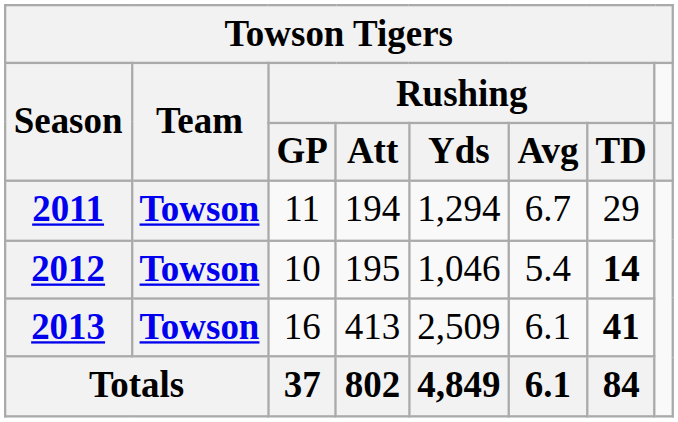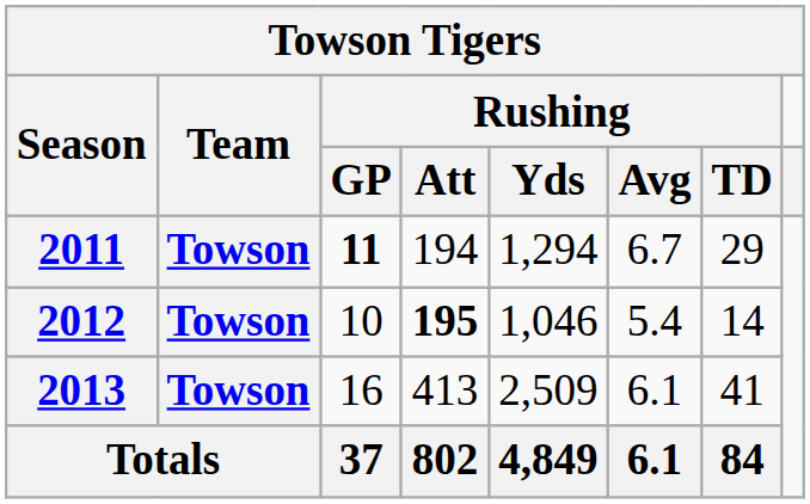 <table class="wikitable" style="text-align:center;">
 <tr>
 <th colspan="9">Towson Tigers</th>
 </tr>
 <tr>
 <th rowspan="2">Season</th>
 <th rowspan="2">Team</th>
 <th colspan="5">Rushing</th>
 </tr>
 <tr>
 <th>GP</th>
 <th>Att</th>
 <th>Yds</th>
 <th>Avg</th>
 <th>TD</th>
 <th></th>
 </tr>
 <tr>
 <th><a href='#'>2011</a></th>
 <th><a href='#'>Towson</a></th>
-<td>11</td>
+<td><strong>11</strong></td>
 <td>194</td>
 <td>1,294</td>
 <td>6.7</td>
 <td>29</td>
 </tr>
 <tr>
 <th><a href='#'>2012</a></th>
 <th><a href='#'>Towson</a></th>
 <td>10</td>
-<td>195</td>
+<td><strong>195</strong></td>
 <td>1,046</td>
 <td>5.4</td>
-<td><strong>14</strong></td>
+<td>14</td>
 </tr>
 <tr>
 <th><a href='#'>2013</a></th>
 <th><a href='#'>Towson</a></th>
 <td>16</td>
 <td>413</td>
 <td>2,509</td>
 <td>6.1</td>
-<td><strong>41</strong></td>
+<td>41</td>
 </tr>
 <tr>
 <th colspan="2">Totals</th>
 <th>37</th>
 <th>802</th>
 <th>4,849</th>
 <th>6.1</th>
 <th>84</th>
 </tr>
 </table>
